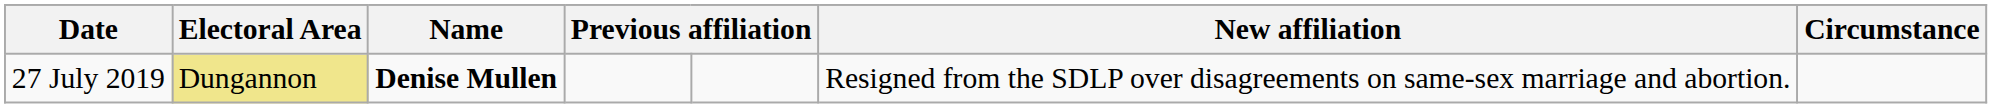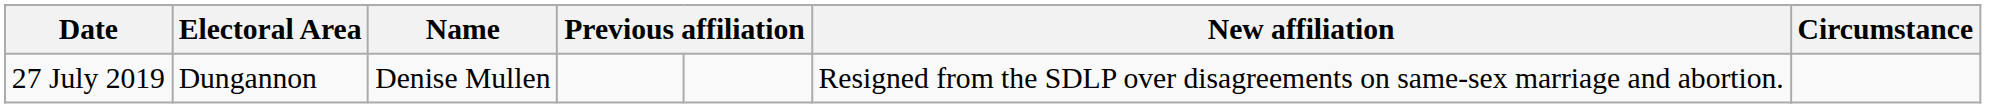 <table class="wikitable" style="font-size: 95%;">
 <tr>
 <th>Date</th>
 <th>Electoral Area</th>
 <th>Name</th>
 <th colspan="2">Previous affiliation</th>
 <th colspan="2">New affiliation</th>
 <th>Circumstance</th>
 </tr>
 <tr>
 <td>27 July 2019</td>
-<td style="background: khaki;">Dungannon</td>
-<td><strong>Denise Mullen</strong></td>
+<td>Dungannon</td>
+<td>Denise Mullen</td>
 <td></td>
 <td></td>
 <td>Resigned from the SDLP over disagreements on same-sex marriage and abortion.</td>
 </tr>
 </table>
